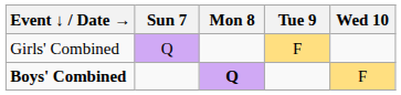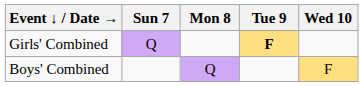 <table class="wikitable" style="margin:0.5em auto; font-size:90%; line-height:1.25em;">
 <tr align="center">
 <th>Event ↓ / Date →</th>
 <th width="50px">Sun 7</th>
 <th width="50px">Mon 8</th>
 <th width="50px">Tue 9</th>
 <th width="50px">Wed 10</th>
 </tr>
 <tr align="center">
 <td align="left">Girls' Combined</td>
 <td bgcolor="#D0A9F5">Q</td>
 <td></td>
-<td bgcolor="#FFDF80">F</td>
+<td bgcolor="#FFDF80"><strong>F</strong></td>
 <td></td>
 </tr>
 <tr align="center">
-<td align="left"><strong>Boys' Combined</strong></td>
+<td align="left">Boys' Combined</td>
 <td></td>
-<td bgcolor="#D0A9F5"><strong>Q</strong></td>
+<td bgcolor="#D0A9F5">Q</td>
 <td></td>
 <td bgcolor="#FFDF80">F</td>
 </tr>
 </table>
